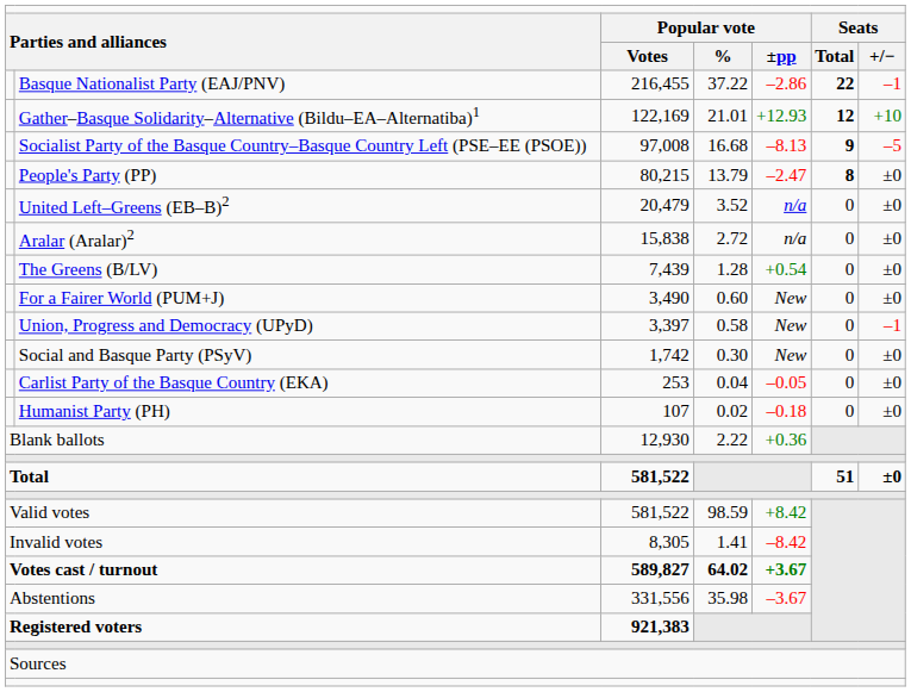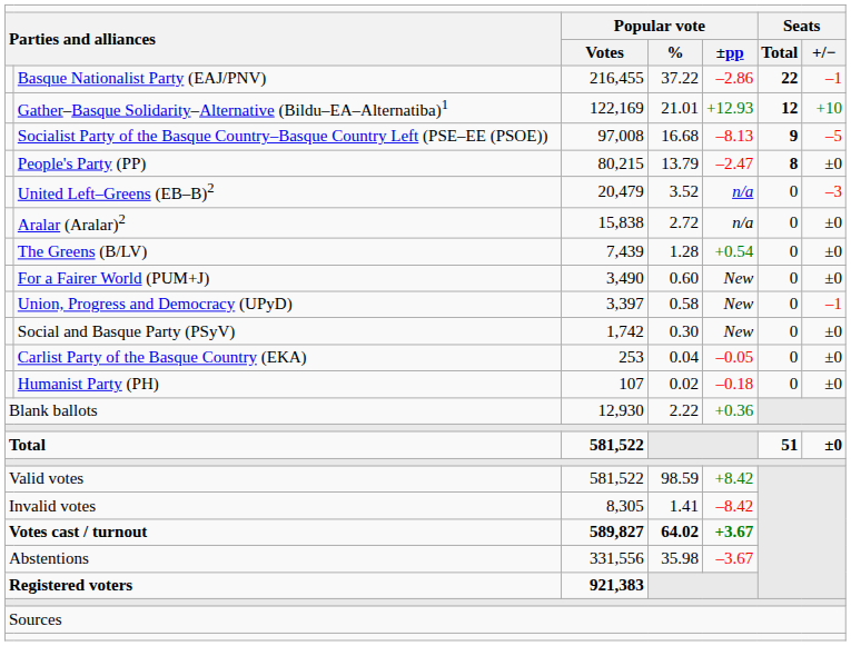 <table class="wikitable" style="text-align:right;">
 <tr>
 <td colspan="7"></td>
 </tr>
 <tr>
 <th style="text-align:left;" rowspan="2" colspan="2" width="525">Parties and alliances</th>
 <th colspan="3">Popular vote</th>
 <th colspan="2">Seats</th>
 </tr>
 <tr>
 <th width="75">Votes</th>
 <th width="45">%</th>
 <th width="45">±<a href='#'>pp</a></th>
 <th width="35">Total</th>
 <th width="35">+/−</th>
 </tr>
 <tr>
 <td width="1" style="color:inherit;background:"></td>
 <td align="left"><a href='#'>Basque Nationalist Party</a> (EAJ/PNV)</td>
 <td>216,455</td>
 <td>37.22</td>
 <td style="color:red;">–2.86</td>
 <td><strong>22</strong></td>
 <td style="color:red;">–1</td>
 </tr>
 <tr>
 <td style="color:inherit;background:"></td>
 <td align="left"><a href='#'>Gather</a>–<a href='#'>Basque Solidarity</a>–<a href='#'>Alternative</a> (Bildu–EA–Alternatiba)<sup>1</sup></td>
 <td>122,169</td>
 <td>21.01</td>
 <td style="color:green;">+12.93</td>
 <td><strong>12</strong></td>
 <td style="color:green;">+10</td>
 </tr>
 <tr>
 <td style="color:inherit;background:"></td>
 <td align="left"><a href='#'>Socialist Party of the Basque Country–Basque Country Left</a> (PSE–EE (PSOE))</td>
 <td>97,008</td>
 <td>16.68</td>
 <td style="color:red;">–8.13</td>
 <td><strong>9</strong></td>
 <td style="color:red;">–5</td>
 </tr>
 <tr>
 <td style="color:inherit;background:"></td>
 <td align="left"><a href='#'>People's Party</a> (PP)</td>
 <td>80,215</td>
 <td>13.79</td>
 <td style="color:red;">–2.47</td>
 <td><strong>8</strong></td>
 <td>±0</td>
 </tr>
 <tr>
 <td style="color:inherit;background:"></td>
 <td align="left"><a href='#'>United Left–Greens</a> (EB–B)<sup>2</sup></td>
 <td>20,479</td>
 <td>3.52</td>
 <td><em><a href='#'>n/a</a></em></td>
 <td>0</td>
-<td>±0</td>
+<td style="color:red;">–3</td>
 </tr>
 <tr>
 <td style="color:inherit;background:"></td>
 <td align="left"><a href='#'>Aralar</a> (Aralar)<sup>2</sup></td>
 <td>15,838</td>
 <td>2.72</td>
 <td><em>n/a</em></td>
 <td>0</td>
 <td>±0</td>
 </tr>
 <tr>
 <td style="color:inherit;background:"></td>
 <td align="left"><a href='#'>The Greens</a> (B/LV)</td>
 <td>7,439</td>
 <td>1.28</td>
 <td style="color:green;">+0.54</td>
 <td>0</td>
 <td>±0</td>
 </tr>
 <tr>
 <td style="color:inherit;background:"></td>
 <td align="left"><a href='#'>For a Fairer World</a> (PUM+J)</td>
 <td>3,490</td>
 <td>0.60</td>
 <td><em>New</em></td>
 <td>0</td>
 <td>±0</td>
 </tr>
 <tr>
 <td style="color:inherit;background:"></td>
 <td align="left"><a href='#'>Union, Progress and Democracy</a> (UPyD)</td>
 <td>3,397</td>
 <td>0.58</td>
 <td><em>New</em></td>
 <td>0</td>
 <td style="color:red;">–1</td>
 </tr>
 <tr>
 <td style="color:inherit;background:"></td>
 <td align="left">Social and Basque Party (PSyV)</td>
 <td>1,742</td>
 <td>0.30</td>
 <td><em>New</em></td>
 <td>0</td>
 <td>±0</td>
 </tr>
 <tr>
 <td style="color:inherit;background:"></td>
 <td align="left"><a href='#'>Carlist Party of the Basque Country</a> (EKA)</td>
 <td>253</td>
 <td>0.04</td>
 <td style="color:red;">–0.05</td>
 <td>0</td>
 <td>±0</td>
 </tr>
 <tr>
 <td style="color:inherit;background:"></td>
 <td align="left"><a href='#'>Humanist Party</a> (PH)</td>
 <td>107</td>
 <td>0.02</td>
 <td style="color:red;">–0.18</td>
 <td>0</td>
 <td>±0</td>
 </tr>
 <tr>
 <td align="left" colspan="2">Blank ballots</td>
 <td>12,930</td>
 <td>2.22</td>
 <td style="color:green;">+0.36</td>
 <td bgcolor="#E9E9E9" colspan="2"></td>
 </tr>
 <tr>
 <td colspan="7" bgcolor="#E9E9E9"></td>
 </tr>
 <tr style="font-weight:bold;">
 <td align="left" colspan="2">Total</td>
 <td>581,522</td>
 <td bgcolor="#E9E9E9" colspan="2"></td>
 <td>51</td>
 <td>±0</td>
 </tr>
 <tr>
 <td colspan="7" bgcolor="#E9E9E9"></td>
 </tr>
 <tr>
 <td align="left" colspan="2">Valid votes</td>
 <td>581,522</td>
 <td>98.59</td>
 <td style="color:green;">+8.42</td>
 <td bgcolor="#E9E9E9" colspan="2" rowspan="5"></td>
 </tr>
 <tr>
 <td align="left" colspan="2">Invalid votes</td>
 <td>8,305</td>
 <td>1.41</td>
 <td style="color:red;">–8.42</td>
 </tr>
 <tr style="font-weight:bold;">
 <td align="left" colspan="2">Votes cast / turnout</td>
 <td>589,827</td>
 <td>64.02</td>
 <td style="color:green;">+3.67</td>
 </tr>
 <tr>
 <td align="left" colspan="2">Abstentions</td>
 <td>331,556</td>
 <td>35.98</td>
 <td style="color:red;">–3.67</td>
 </tr>
 <tr style="font-weight:bold;">
 <td align="left" colspan="2">Registered voters</td>
 <td>921,383</td>
 <td bgcolor="#E9E9E9" colspan="2"></td>
 </tr>
 <tr>
 <td colspan="7" bgcolor="#E9E9E9"></td>
 </tr>
 <tr>
 <td align="left" colspan="7">Sources</td>
 </tr>
 <tr>
 <td colspan="7" style="text-align:left; max-width:790px;"></td>
 </tr>
 </table>
